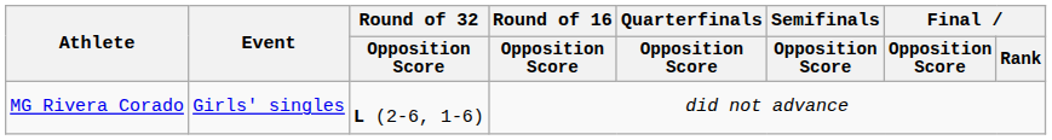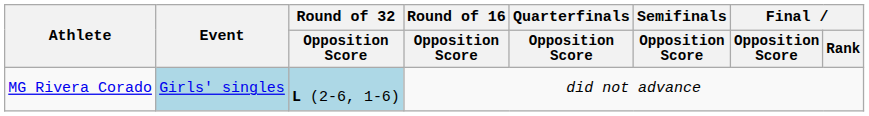 <table class=wikitable style="font-size:90%">
 <tr>
 <th rowspan=2>Athlete</th>
 <th rowspan=2>Event</th>
 <th>Round of 32</th>
 <th>Round of 16</th>
 <th>Quarterfinals</th>
 <th>Semifinals</th>
 <th colspan=2>Final / </th>
 </tr>
 <tr style="font-size:95%">
 <th>Opposition<br>Score</th>
 <th>Opposition<br>Score</th>
 <th>Opposition<br>Score</th>
 <th>Opposition<br>Score</th>
 <th>Opposition<br>Score</th>
 <th>Rank</th>
 </tr>
 <tr align=center>
 <td align=left><a href='#'>MG Rivera Corado</a></td>
-<td align=left><a href='#'>Girls' singles</a></td>
-<td><br> <strong>L</strong> (2-6, 1-6)</td>
+<td align=left style="background: lightblue;"><a href='#'>Girls' singles</a></td>
+<td style="background: lightblue;"><br> <strong>L</strong> (2-6, 1-6)</td>
 <td colspan=5><em>did not advance</em></td>
 </tr>
 </table>
